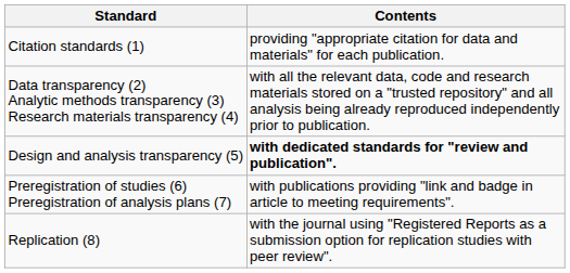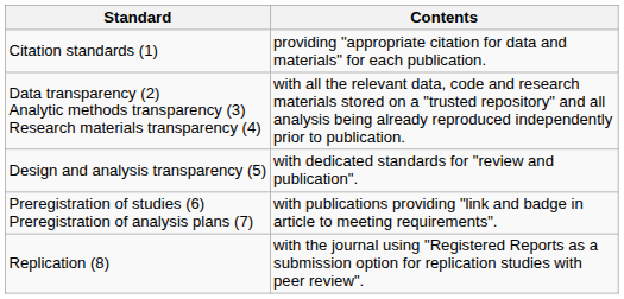 <table class="wikitable">
 <tr>
 <th>Standard</th>
 <th width=350>Contents</th>
 </tr>
 <tr>
 <td>Citation standards (1)</td>
 <td>providing "appropriate citation for data and materials" for each publication.</td>
 </tr>
 <tr>
 <td>Data transparency (2)<br>Analytic methods transparency (3)<br>Research materials transparency (4)</td>
 <td valign="top">with all the relevant data, code and research materials stored on a "trusted repository" and all analysis being already reproduced independently prior to publication.</td>
 </tr>
 <tr>
 <td>Design and analysis transparency (5)</td>
-<td><strong>with dedicated standards for "review and publication".</strong></td>
+<td>with dedicated standards for "review and publication".</td>
 </tr>
 <tr>
 <td>Preregistration of studies (6)<br>Preregistration of analysis plans (7)</td>
 <td valign="top">with publications providing "link and badge in article to meeting requirements".</td>
 </tr>
 <tr>
 <td>Replication (8)</td>
 <td>with the journal using "Registered Reports as a submission option for replication studies with peer review".</td>
 </tr>
 </table>
